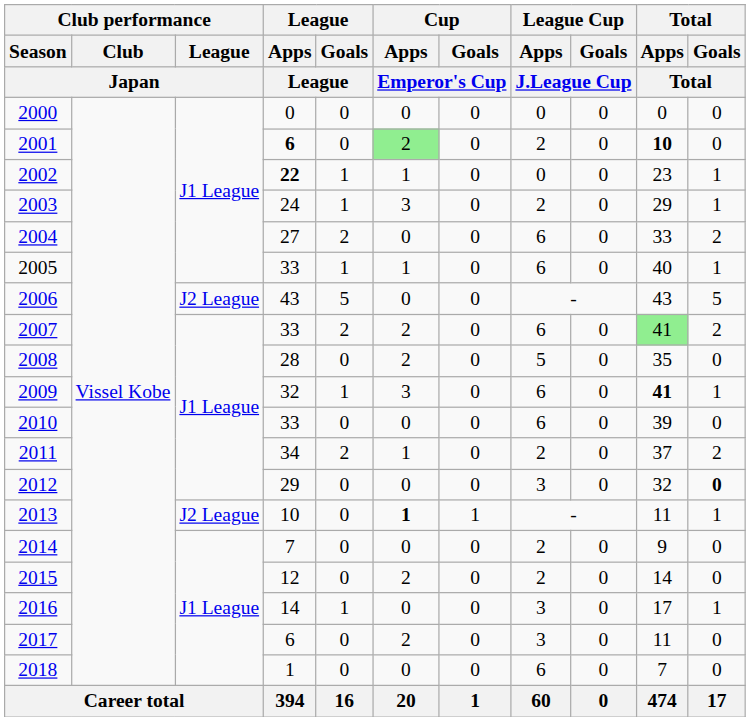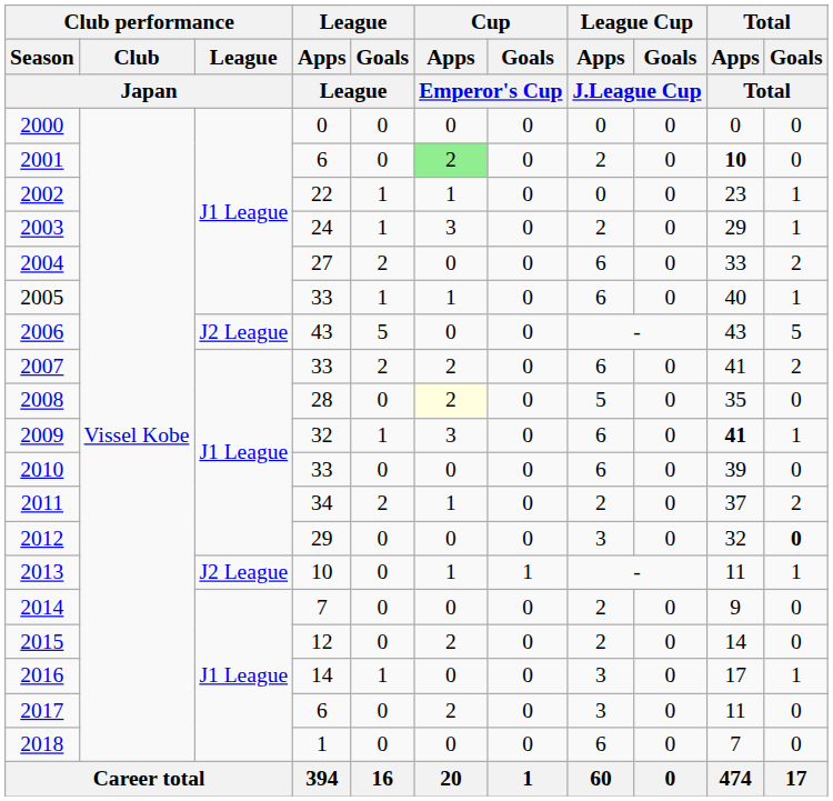 <table class="wikitable" style="text-align:center">
 <tr>
 <th colspan=3>Club performance</th>
 <th colspan=2>League</th>
 <th colspan=2>Cup</th>
 <th colspan=2>League Cup</th>
 <th colspan=2>Total</th>
 </tr>
 <tr>
 <th>Season</th>
 <th>Club</th>
 <th>League</th>
 <th>Apps</th>
 <th>Goals</th>
 <th>Apps</th>
 <th>Goals</th>
 <th>Apps</th>
 <th>Goals</th>
 <th>Apps</th>
 <th>Goals</th>
 </tr>
 <tr>
 <th colspan=3>Japan</th>
 <th colspan=2>League</th>
 <th colspan=2><a href='#'>Emperor's Cup</a></th>
 <th colspan=2><a href='#'>J.League Cup</a></th>
 <th colspan=2>Total</th>
 </tr>
 <tr>
 <td><a href='#'>2000</a></td>
 <td rowspan="19"><a href='#'>Vissel Kobe</a></td>
 <td rowspan="6"><a href='#'>J1 League</a></td>
 <td>0</td>
 <td>0</td>
 <td>0</td>
 <td>0</td>
 <td>0</td>
 <td>0</td>
 <td>0</td>
 <td>0</td>
 </tr>
 <tr>
 <td><a href='#'>2001</a></td>
-<td><strong>6</strong></td>
+<td>6</td>
 <td>0</td>
 <td style="background: lightgreen;">2</td>
 <td>0</td>
 <td>2</td>
 <td>0</td>
 <td><strong>10</strong></td>
 <td>0</td>
 </tr>
 <tr>
 <td><a href='#'>2002</a></td>
-<td><strong>22</strong></td>
+<td>22</td>
 <td>1</td>
 <td>1</td>
 <td>0</td>
 <td>0</td>
 <td>0</td>
 <td>23</td>
 <td>1</td>
 </tr>
 <tr>
 <td><a href='#'>2003</a></td>
 <td>24</td>
 <td>1</td>
 <td>3</td>
 <td>0</td>
 <td>2</td>
 <td>0</td>
 <td>29</td>
 <td>1</td>
 </tr>
 <tr>
 <td><a href='#'>2004</a></td>
 <td>27</td>
 <td>2</td>
 <td>0</td>
 <td>0</td>
 <td>6</td>
 <td>0</td>
 <td>33</td>
 <td>2</td>
 </tr>
 <tr>
 <td>2005</td>
 <td>33</td>
 <td>1</td>
 <td>1</td>
 <td>0</td>
 <td>6</td>
 <td>0</td>
 <td>40</td>
 <td>1</td>
 </tr>
 <tr>
 <td><a href='#'>2006</a></td>
 <td><a href='#'>J2 League</a></td>
 <td>43</td>
 <td>5</td>
 <td>0</td>
 <td>0</td>
 <td colspan="2">-</td>
 <td>43</td>
 <td>5</td>
 </tr>
 <tr>
 <td><a href='#'>2007</a></td>
 <td rowspan="6"><a href='#'>J1 League</a></td>
 <td>33</td>
 <td>2</td>
 <td>2</td>
 <td>0</td>
 <td>6</td>
 <td>0</td>
-<td style="background: lightgreen;">41</td>
+<td>41</td>
 <td>2</td>
 </tr>
 <tr>
 <td><a href='#'>2008</a></td>
 <td>28</td>
 <td>0</td>
-<td>2</td>
+<td style="background: lightyellow;">2</td>
 <td>0</td>
 <td>5</td>
 <td>0</td>
 <td>35</td>
 <td>0</td>
 </tr>
 <tr>
 <td><a href='#'>2009</a></td>
 <td>32</td>
 <td>1</td>
 <td>3</td>
 <td>0</td>
 <td>6</td>
 <td>0</td>
 <td><strong>41</strong></td>
 <td>1</td>
 </tr>
 <tr>
 <td><a href='#'>2010</a></td>
 <td>33</td>
 <td>0</td>
 <td>0</td>
 <td>0</td>
 <td>6</td>
 <td>0</td>
 <td>39</td>
 <td>0</td>
 </tr>
 <tr>
 <td><a href='#'>2011</a></td>
 <td>34</td>
 <td>2</td>
 <td>1</td>
 <td>0</td>
 <td>2</td>
 <td>0</td>
 <td>37</td>
 <td>2</td>
 </tr>
 <tr>
 <td><a href='#'>2012</a></td>
 <td>29</td>
 <td>0</td>
 <td>0</td>
 <td>0</td>
 <td>3</td>
 <td>0</td>
 <td>32</td>
 <td><strong>0</strong></td>
 </tr>
 <tr>
 <td><a href='#'>2013</a></td>
 <td><a href='#'>J2 League</a></td>
 <td>10</td>
 <td>0</td>
-<td><strong>1</strong></td>
+<td>1</td>
 <td>1</td>
 <td colspan="2">-</td>
 <td>11</td>
 <td>1</td>
 </tr>
 <tr>
 <td><a href='#'>2014</a></td>
 <td rowspan="5"><a href='#'>J1 League</a></td>
 <td>7</td>
 <td>0</td>
 <td>0</td>
 <td>0</td>
 <td>2</td>
 <td>0</td>
 <td>9</td>
 <td>0</td>
 </tr>
 <tr>
 <td><a href='#'>2015</a></td>
 <td>12</td>
 <td>0</td>
 <td>2</td>
 <td>0</td>
 <td>2</td>
 <td>0</td>
 <td>14</td>
 <td>0</td>
 </tr>
 <tr>
 <td><a href='#'>2016</a></td>
 <td>14</td>
 <td>1</td>
 <td>0</td>
 <td>0</td>
 <td>3</td>
 <td>0</td>
 <td>17</td>
 <td>1</td>
 </tr>
 <tr>
 <td><a href='#'>2017</a></td>
 <td>6</td>
 <td>0</td>
 <td>2</td>
 <td>0</td>
 <td>3</td>
 <td>0</td>
 <td>11</td>
 <td>0</td>
 </tr>
 <tr>
 <td><a href='#'>2018</a></td>
 <td>1</td>
 <td>0</td>
 <td>0</td>
 <td>0</td>
 <td>6</td>
 <td>0</td>
 <td>7</td>
 <td>0</td>
 </tr>
 <tr>
 <th colspan=3>Career total</th>
 <th>394</th>
 <th>16</th>
 <th>20</th>
 <th>1</th>
 <th>60</th>
 <th>0</th>
 <th>474</th>
 <th>17</th>
 </tr>
 </table>
